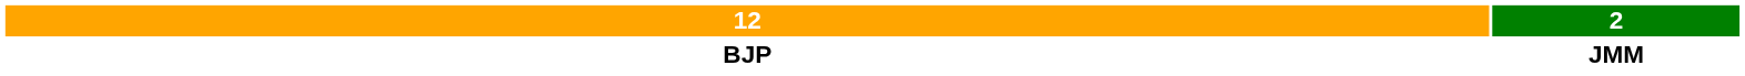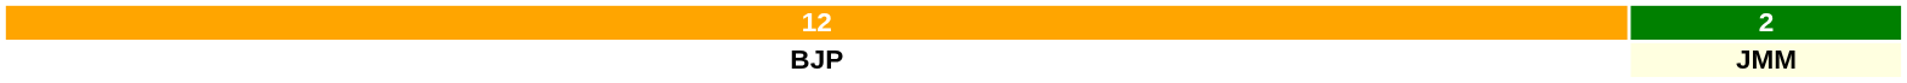 <table style="width:88%; text-align:center;">
 <tr style="color:white;">
 <td style="background:orange; width:85.71%;"><strong>12</strong></td>
 <td style="background:green; width:14.29%;"><strong>2</strong></td>
 </tr>
 <tr>
 <td><span><strong>BJP</strong></span></td>
-<td><span><strong>JMM</strong></span></td>
+<td style="background: lightyellow;"><span><strong>JMM</strong></span></td>
 </tr>
 </table>
